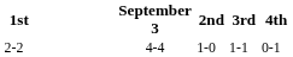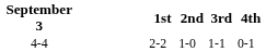 <table width=60% cellspacing=1>
 <tr>
 <th width=20%></th>
+<th width=16%>September 3</th>
+<th width=20%></th>
 <th width=8%>1st</th>
-<th width=20%></th>
-<th width=16%>September 3</th>
 <th width=8%>2nd</th>
 <th width=8%>3rd</th>
 <th width=8%>4th</th>
 </tr>
 <tr style=font-size:90%>
 <td align=right></td>
+<td align=center>4-4</td>
+<td></td>
 <td>2-2</td>
-<td></td>
-<td align=center>4-4</td>
 <td>1-0</td>
 <td>1-1</td>
 <td>0-1</td>
 </tr>
 </table>
